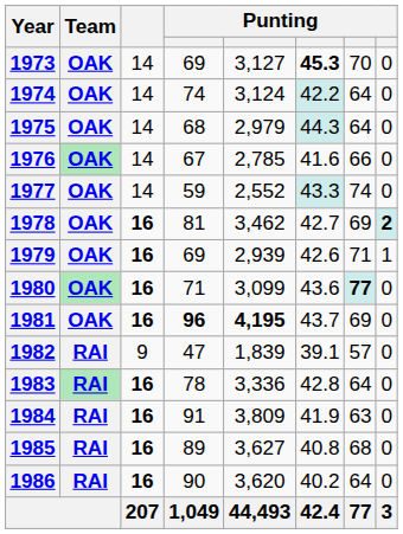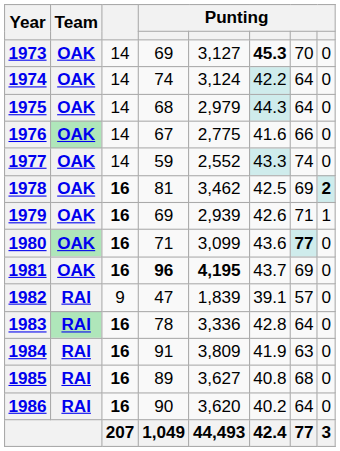 <table class="wikitable" style="text-align:center;">
 <tr>
 <th rowspan="2">Year</th>
 <th rowspan="2">Team</th>
 <th rowspan="2"></th>
 <th colspan="5">Punting</th>
 </tr>
 <tr>
 <th></th>
 <th></th>
 <th></th>
 <th></th>
 <th></th>
 </tr>
 <tr>
 <th><a href='#'>1973</a></th>
 <th><a href='#'>OAK</a></th>
 <td>14</td>
 <td>69</td>
 <td>3,127</td>
 <td><strong>45.3</strong></td>
 <td>70</td>
 <td>0</td>
 </tr>
 <tr>
 <th><a href='#'>1974</a></th>
 <th><a href='#'>OAK</a></th>
 <td>14</td>
 <td>74</td>
 <td>3,124</td>
 <td style="background:#cfecec;">42.2</td>
 <td>64</td>
 <td>0</td>
 </tr>
 <tr>
 <th><a href='#'>1975</a></th>
 <th><a href='#'>OAK</a></th>
 <td>14</td>
 <td>68</td>
 <td>2,979</td>
 <td style="background:#cfecec;">44.3</td>
 <td>64</td>
 <td>0</td>
 </tr>
 <tr>
 <th><a href='#'>1976</a></th>
 <th style="background:#afe6ba;"><a href='#'>OAK</a></th>
 <td>14</td>
 <td>67</td>
-<td>2,785</td>
+<td>2,775</td>
 <td>41.6</td>
 <td>66</td>
 <td>0</td>
 </tr>
 <tr>
 <th><a href='#'>1977</a></th>
 <th><a href='#'>OAK</a></th>
 <td>14</td>
 <td>59</td>
 <td>2,552</td>
 <td style="background:#cfecec;">43.3</td>
 <td>74</td>
 <td>0</td>
 </tr>
 <tr>
 <th><a href='#'>1978</a></th>
 <th><a href='#'>OAK</a></th>
 <td><strong>16</strong></td>
 <td>81</td>
 <td>3,462</td>
-<td>42.7</td>
+<td>42.5</td>
 <td>69</td>
 <td style="background:#cfecec;"><strong>2</strong></td>
 </tr>
 <tr>
 <th><a href='#'>1979</a></th>
 <th><a href='#'>OAK</a></th>
 <td><strong>16</strong></td>
 <td>69</td>
 <td>2,939</td>
 <td>42.6</td>
 <td>71</td>
 <td>1</td>
 </tr>
 <tr>
 <th><a href='#'>1980</a></th>
 <th style="background:#afe6ba;"><a href='#'>OAK</a></th>
 <td><strong>16</strong></td>
 <td>71</td>
 <td>3,099</td>
 <td>43.6</td>
 <td style="background:#cfecec;"><strong>77</strong></td>
 <td>0</td>
 </tr>
 <tr>
 <th><a href='#'>1981</a></th>
 <th><a href='#'>OAK</a></th>
 <td><strong>16</strong></td>
 <td><strong>96</strong></td>
 <td><strong>4,195</strong></td>
 <td>43.7</td>
 <td>69</td>
 <td>0</td>
 </tr>
 <tr>
 <th><a href='#'>1982</a></th>
 <th><a href='#'>RAI</a></th>
 <td>9</td>
 <td>47</td>
 <td>1,839</td>
 <td>39.1</td>
 <td>57</td>
 <td>0</td>
 </tr>
 <tr>
 <th><a href='#'>1983</a></th>
 <th style="background:#afe6ba;"><a href='#'>RAI</a></th>
 <td><strong>16</strong></td>
 <td>78</td>
 <td>3,336</td>
 <td>42.8</td>
 <td>64</td>
 <td>0</td>
 </tr>
 <tr>
 <th><a href='#'>1984</a></th>
 <th><a href='#'>RAI</a></th>
 <td><strong>16</strong></td>
 <td>91</td>
 <td>3,809</td>
 <td>41.9</td>
 <td>63</td>
 <td>0</td>
 </tr>
 <tr>
 <th><a href='#'>1985</a></th>
 <th><a href='#'>RAI</a></th>
 <td><strong>16</strong></td>
 <td>89</td>
 <td>3,627</td>
 <td>40.8</td>
 <td>68</td>
 <td>0</td>
 </tr>
 <tr>
 <th><a href='#'>1986</a></th>
 <th><a href='#'>RAI</a></th>
 <td><strong>16</strong></td>
 <td>90</td>
 <td>3,620</td>
 <td>40.2</td>
 <td>64</td>
 <td>0</td>
 </tr>
 <tr>
 <th colspan="2"></th>
 <th>207</th>
 <th>1,049</th>
 <th>44,493</th>
 <th>42.4</th>
 <th>77</th>
 <th>3</th>
 </tr>
 </table>
